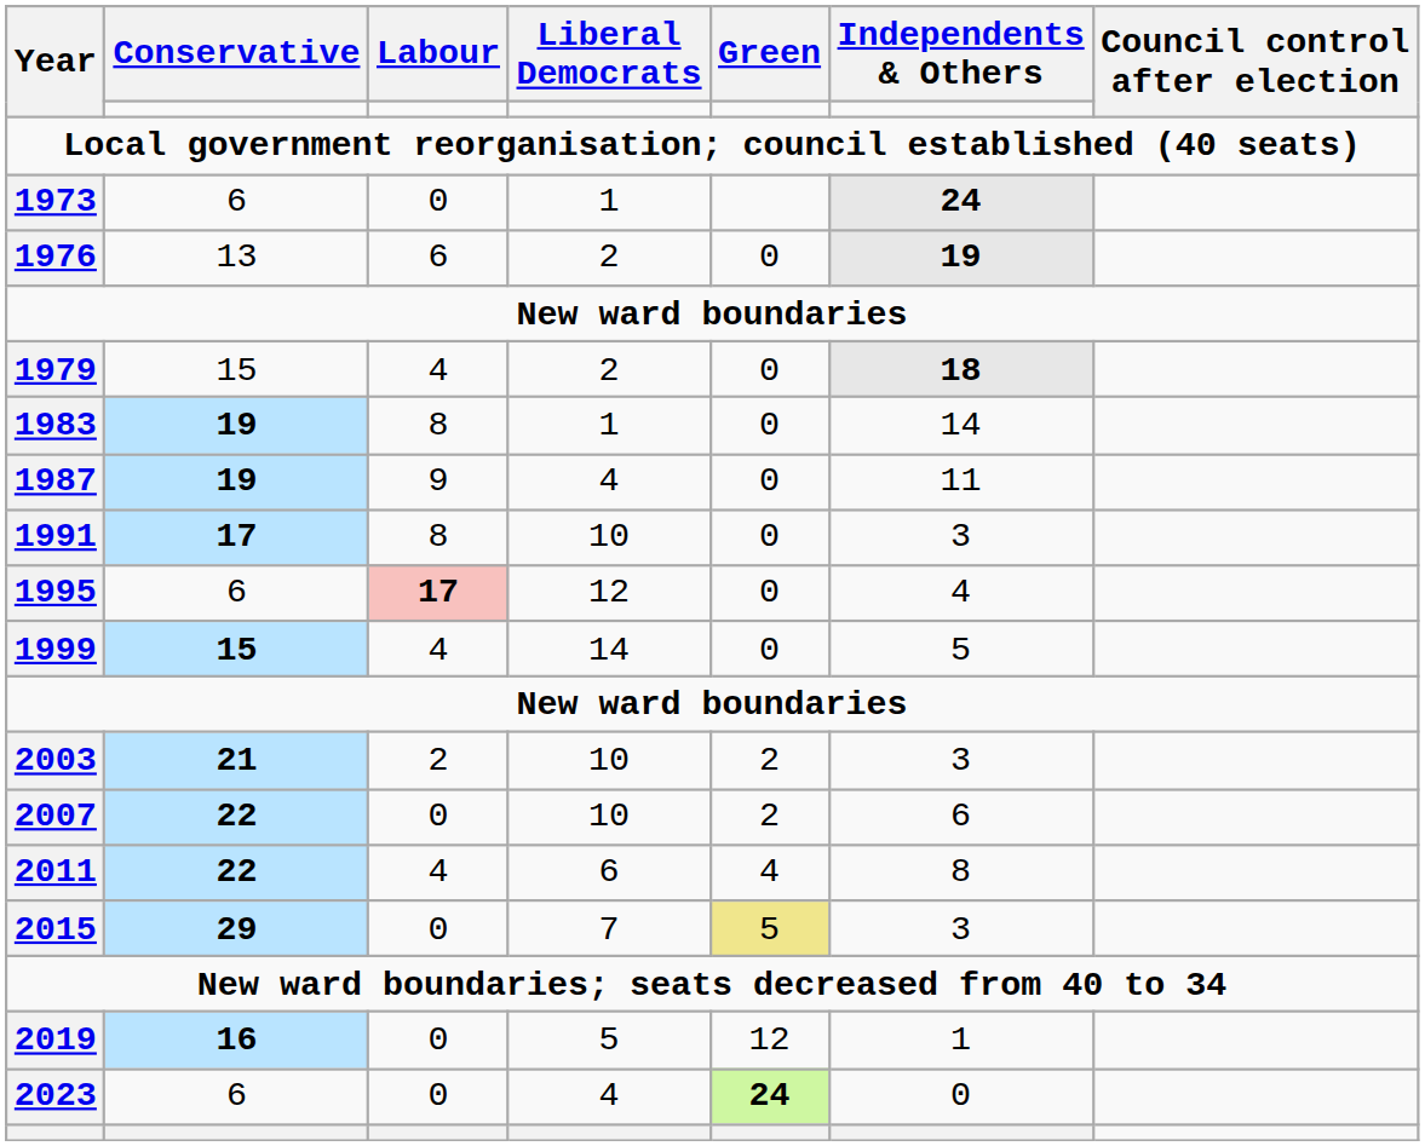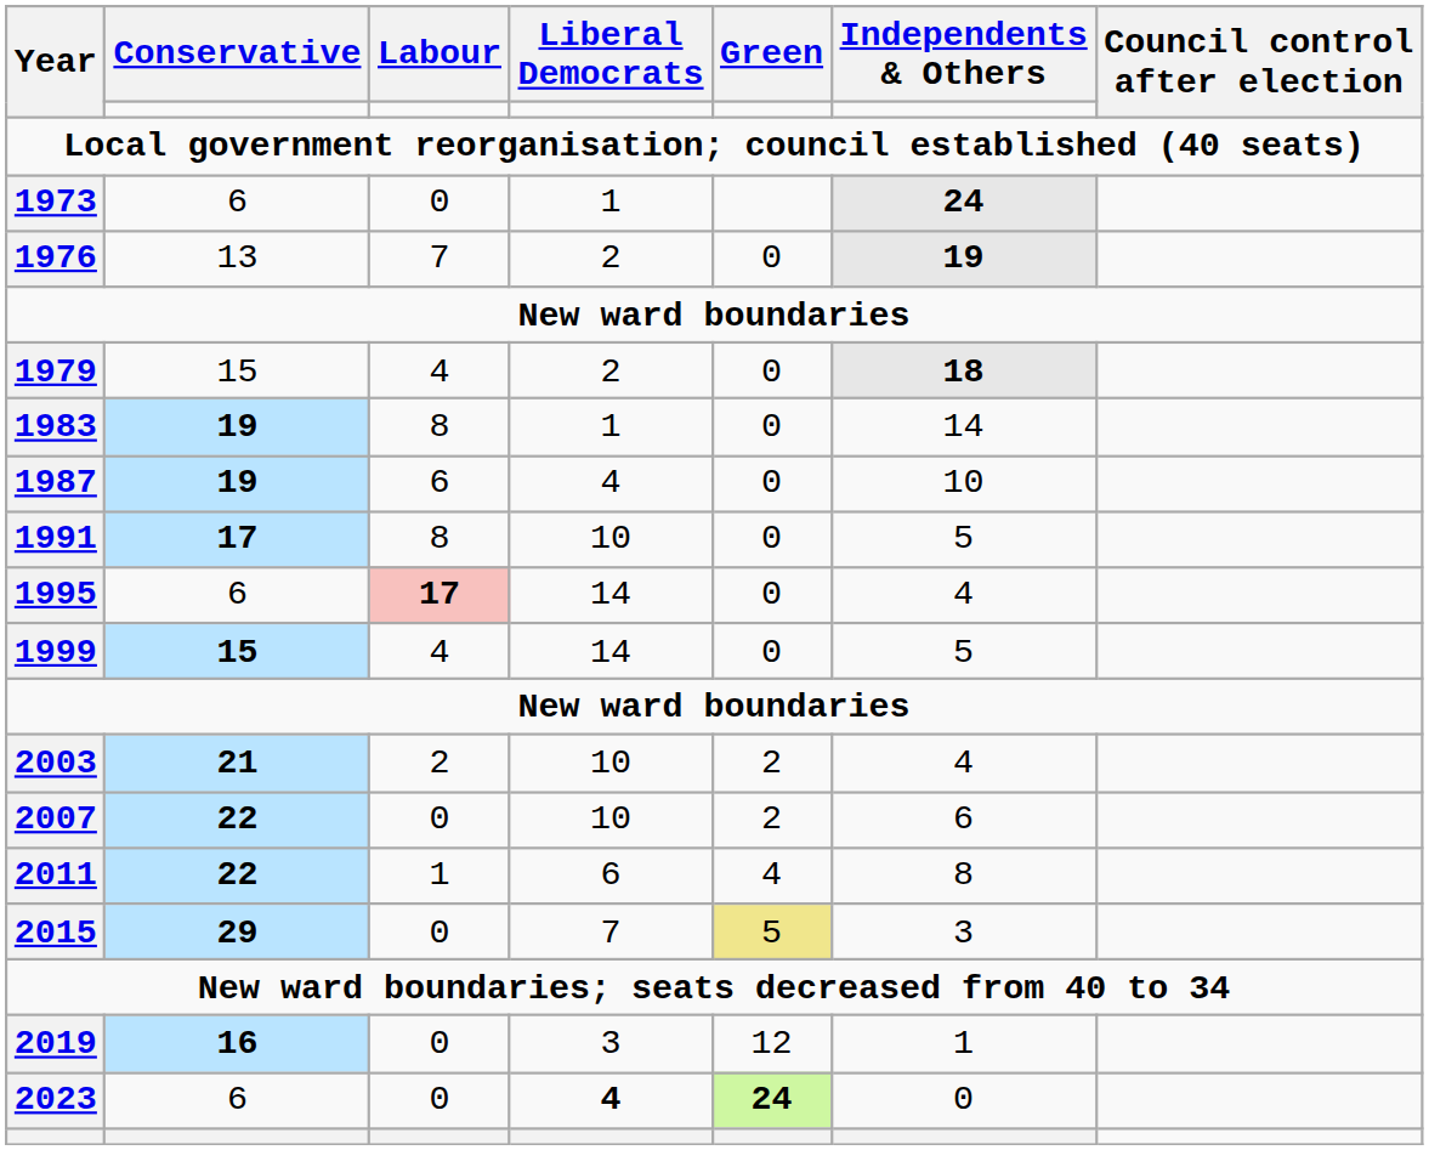 <table class="wikitable plainrowheaders" style="text-align:center">
 <tr>
 <th scope="col" rowspan="2">Year</th>
 <th scope="col"><a href='#'>Conservative</a></th>
 <th scope="col"><a href='#'>Labour</a></th>
 <th scope="col" style="width:1px"><a href='#'>Liberal Democrats</a></th>
 <th scope="col"><a href='#'>Green</a></th>
 <th scope="col"><a href='#'>Independents</a><br>& Others</th>
 <th scope="col" rowspan="2" colspan="2">Council control<br>after election</th>
 </tr>
 <tr>
 <td style="background:"></td>
 <td style="background:"></td>
 <td style="background:"></td>
 <td style="background:"></td>
 <td style="background:"></td>
 </tr>
 <tr>
 <td colspan="9"><strong>Local government reorganisation; council established (40 seats)</strong></td>
 </tr>
 <tr>
 <th scope="row"><a href='#'>1973</a></th>
 <td>6</td>
 <td>0</td>
 <td>1</td>
 <td></td>
 <td style="background:#E7E7E7;"><strong>24</strong></td>
 <td></td>
 </tr>
 <tr>
 <th scope="row"><a href='#'>1976</a></th>
 <td>13</td>
-<td>6</td>
+<td>7</td>
 <td>2</td>
 <td>0</td>
 <td style="background:#E7E7E7;"><strong>19</strong></td>
 <td></td>
 </tr>
 <tr>
 <td colspan="9"><strong>New ward boundaries</strong></td>
 </tr>
 <tr>
 <th scope="row"><a href='#'>1979</a></th>
 <td>15</td>
 <td>4</td>
 <td>2</td>
 <td>0</td>
 <td style="background:#E7E7E7;"><strong>18</strong></td>
 <td></td>
 </tr>
 <tr>
 <th scope="row"><a href='#'>1983</a></th>
 <td style="background:#B9E4FF;"><strong>19</strong></td>
 <td>8</td>
 <td>1</td>
 <td>0</td>
 <td>14</td>
 <td></td>
 </tr>
 <tr>
 <th scope="row"><a href='#'>1987</a></th>
 <td style="background:#B9E4FF;"><strong>19</strong></td>
-<td>9</td>
+<td>6</td>
 <td>4</td>
 <td>0</td>
-<td>11</td>
+<td>10</td>
 <td></td>
 </tr>
 <tr>
 <th scope="row"><a href='#'>1991</a></th>
 <td style="background:#B9E4FF;"><strong>17</strong></td>
 <td>8</td>
 <td>10</td>
 <td>0</td>
-<td>3</td>
+<td>5</td>
 <td></td>
 </tr>
 <tr>
 <th scope="row"><a href='#'>1995</a></th>
 <td>6</td>
 <td style="background:#F8C1BE;"><strong>17</strong></td>
-<td>12</td>
+<td>14</td>
 <td>0</td>
 <td>4</td>
 <td></td>
 </tr>
 <tr>
 <th scope="row"><a href='#'>1999</a></th>
 <td style="background:#B9E4FF;"><strong>15</strong></td>
 <td>4</td>
 <td>14</td>
 <td>0</td>
 <td>5</td>
 <td></td>
 </tr>
 <tr>
 <td colspan="9"><strong>New ward boundaries</strong></td>
 </tr>
 <tr>
 <th scope="row"><a href='#'>2003</a></th>
 <td style="background:#B9E4FF;"><strong>21</strong></td>
 <td>2</td>
 <td>10</td>
 <td>2</td>
-<td>3</td>
+<td>4</td>
 <td></td>
 </tr>
 <tr>
 <th scope="row"><a href='#'>2007</a></th>
 <td style="background:#B9E4FF;"><strong>22</strong></td>
 <td>0</td>
 <td>10</td>
 <td>2</td>
 <td>6</td>
 <td></td>
 </tr>
 <tr>
 <th scope="row"><a href='#'>2011</a></th>
 <td style="background:#B9E4FF;"><strong>22</strong></td>
-<td>4</td>
+<td>1</td>
 <td>6</td>
 <td>4</td>
 <td>8</td>
 <td></td>
 </tr>
 <tr>
 <th scope="row"><a href='#'>2015</a></th>
 <td style="background:#B9E4FF;"><strong>29</strong></td>
 <td>0</td>
 <td>7</td>
 <td style="background: khaki;">5</td>
 <td>3</td>
 <td></td>
 </tr>
 <tr>
 <td colspan="9"><strong>New ward boundaries; seats decreased from 40 to 34</strong></td>
 </tr>
 <tr>
 <th scope="row"><a href='#'>2019</a></th>
 <td style="background:#B9E4FF;"><strong>16</strong></td>
 <td>0</td>
-<td>5</td>
+<td>3</td>
 <td>12</td>
 <td>1</td>
 <td></td>
 </tr>
 <tr>
 <th scope="row"><a href='#'>2023</a></th>
 <td>6</td>
 <td>0</td>
-<td>4</td>
+<td><strong>4</strong></td>
 <td style="background:#CEF7A1"><strong>24</strong></td>
 <td>0</td>
 <td></td>
 </tr>
 <tr>
 <th></th>
 <th style="background-color: "></th>
 <th style="background-color: "></th>
 <th style="background-color: "></th>
 <th style="background-color: "></th>
 <th style="background-color: "></th>
 </tr>
 </table>
